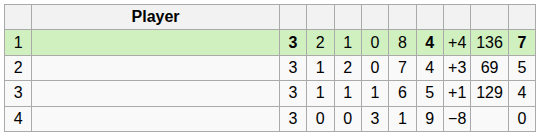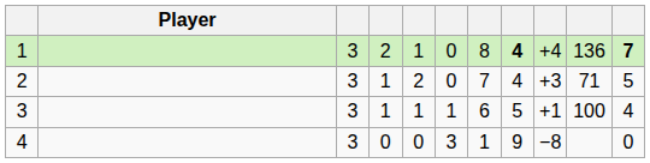 <table class="wikitable" style="text-align:center; margin: 1em auto 1em auto, align:left">
 <tr>
 <th width=20></th>
 <th width=240>Player</th>
 <th width=20></th>
 <th width=20></th>
 <th width=20></th>
 <th width=20></th>
 <th width=20></th>
 <th width=20></th>
 <th width=20></th>
 <th width=30></th>
 <th width=20></th>
 </tr>
 <tr style="background:#D0F0C0;">
 <td>1</td>
 <td align=left></td>
-<td><strong>3</strong></td>
+<td>3</td>
 <td>2</td>
 <td>1</td>
 <td>0</td>
 <td>8</td>
 <td><strong>4</strong></td>
 <td>+4</td>
 <td>136</td>
 <td><strong>7</strong></td>
 </tr>
 <tr style=>
 <td>2</td>
 <td align=left></td>
 <td>3</td>
 <td>1</td>
 <td>2</td>
 <td>0</td>
 <td>7</td>
 <td>4</td>
 <td>+3</td>
-<td>69</td>
+<td>71</td>
 <td>5</td>
 </tr>
 <tr style=>
 <td>3</td>
 <td align=left></td>
 <td>3</td>
 <td>1</td>
 <td>1</td>
 <td>1</td>
 <td>6</td>
 <td>5</td>
 <td>+1</td>
-<td>129</td>
+<td>100</td>
 <td>4</td>
 </tr>
 <tr style=>
 <td>4</td>
 <td align=left></td>
 <td>3</td>
 <td>0</td>
 <td>0</td>
 <td>3</td>
 <td>1</td>
 <td>9</td>
 <td>−8</td>
 <td></td>
 <td>0</td>
 </tr>
 </table>
